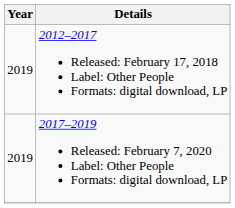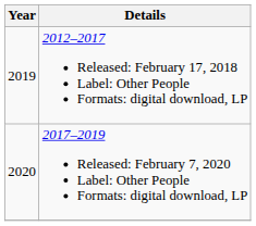 <table class="wikitable">
 <tr>
 <th>Year</th>
 <th>Details</th>
 </tr>
 <tr>
 <td>2019</td>
 <td align="left"><em><a href='#'>2012–2017</a></em><br><ul><li>Released: February 17, 2018</li><li>Label: Other People</li><li>Formats: digital download, LP</li></ul></td>
 </tr>
 <tr>
-<td>2019</td>
+<td>2020</td>
 <td align="left"><em><a href='#'>2017–2019</a></em><br><ul><li>Released: February 7, 2020</li><li>Label: Other People</li><li>Formats: digital download, LP</li></ul></td>
 </tr>
 <tr>
 </tr>
 </table>
